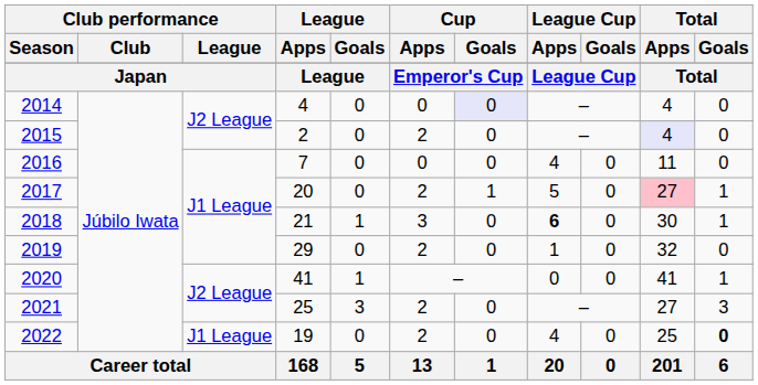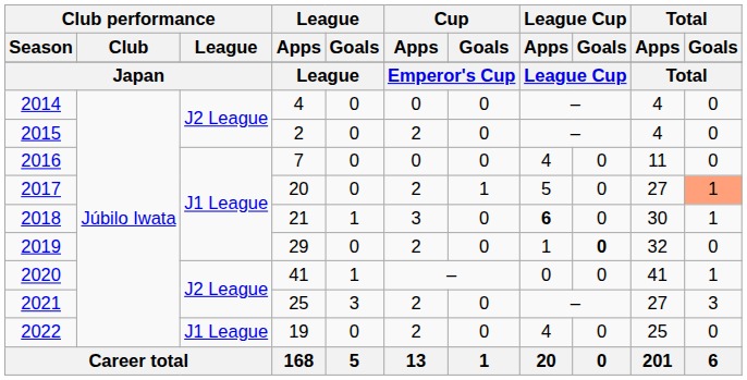 <table class="wikitable" style="text-align:center">
 <tr>
 <th colspan=3>Club performance</th>
 <th colspan=2>League</th>
 <th colspan=2>Cup</th>
 <th colspan=2>League Cup</th>
 <th colspan=2>Total</th>
 </tr>
 <tr>
 <th>Season</th>
 <th>Club</th>
 <th>League</th>
 <th>Apps</th>
 <th>Goals</th>
 <th>Apps</th>
 <th>Goals</th>
 <th>Apps</th>
 <th>Goals</th>
 <th>Apps</th>
 <th>Goals</th>
 </tr>
 <tr>
 </tr>
 <tr>
 <th colspan=3>Japan</th>
 <th colspan=2>League</th>
 <th colspan=2><a href='#'>Emperor's Cup</a></th>
 <th colspan=2><a href='#'>League Cup</a></th>
 <th colspan=2>Total</th>
 </tr>
 <tr>
 <td><a href='#'>2014</a></td>
 <td rowspan="9"><a href='#'>Júbilo Iwata</a></td>
 <td rowspan="2"><a href='#'>J2 League</a></td>
 <td>4</td>
 <td>0</td>
 <td>0</td>
-<td style="background: lavender;">0</td>
+<td>0</td>
 <td colspan="2">–</td>
 <td>4</td>
 <td>0</td>
 </tr>
 <tr>
 <td><a href='#'>2015</a></td>
 <td>2</td>
 <td>0</td>
 <td>2</td>
 <td>0</td>
 <td colspan="2">–</td>
-<td style="background: lavender;">4</td>
+<td>4</td>
 <td>0</td>
 </tr>
 <tr>
 <td><a href='#'>2016</a></td>
 <td rowspan="4"><a href='#'>J1 League</a></td>
 <td>7</td>
 <td>0</td>
 <td>0</td>
 <td>0</td>
 <td>4</td>
 <td>0</td>
 <td>11</td>
 <td>0</td>
 </tr>
 <tr>
 <td><a href='#'>2017</a></td>
 <td>20</td>
 <td>0</td>
 <td>2</td>
 <td>1</td>
 <td>5</td>
 <td>0</td>
-<td style="background: pink;">27</td>
-<td>1</td>
+<td>27</td>
+<td style="background: lightsalmon;">1</td>
 </tr>
 <tr>
 <td><a href='#'>2018</a></td>
 <td>21</td>
 <td>1</td>
 <td>3</td>
 <td>0</td>
 <td><strong>6</strong></td>
 <td>0</td>
 <td>30</td>
 <td>1</td>
 </tr>
 <tr>
 <td><a href='#'>2019</a></td>
 <td>29</td>
 <td>0</td>
 <td>2</td>
 <td>0</td>
 <td>1</td>
-<td>0</td>
+<td><strong>0</strong></td>
 <td>32</td>
 <td>0</td>
 </tr>
 <tr>
 <td><a href='#'>2020</a></td>
 <td rowspan="2"><a href='#'>J2 League</a></td>
 <td>41</td>
 <td>1</td>
 <td colspan="2">–</td>
 <td>0</td>
 <td>0</td>
 <td>41</td>
 <td>1</td>
 </tr>
 <tr>
 <td><a href='#'>2021</a></td>
 <td>25</td>
 <td>3</td>
 <td>2</td>
 <td>0</td>
 <td colspan="2">–</td>
 <td>27</td>
 <td>3</td>
 </tr>
 <tr>
 <td><a href='#'>2022</a></td>
 <td><a href='#'>J1 League</a></td>
 <td>19</td>
 <td>0</td>
 <td>2</td>
 <td>0</td>
 <td>4</td>
 <td>0</td>
 <td>25</td>
-<td><strong>0</strong></td>
+<td>0</td>
 </tr>
 <tr>
 <th colspan="3">Career total</th>
 <th>168</th>
 <th>5</th>
 <th>13</th>
 <th>1</th>
 <th>20</th>
 <th>0</th>
 <th>201</th>
 <th>6</th>
 </tr>
 </table>
